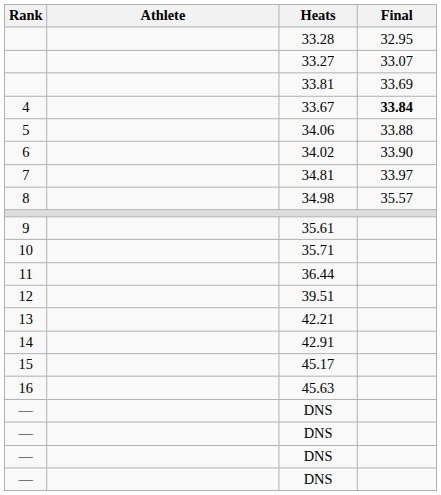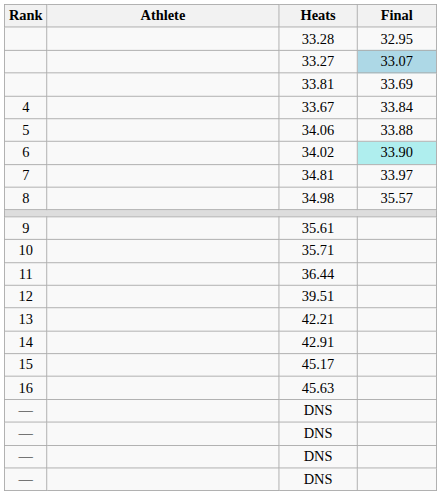 <table class=wikitable style="text-align:center">
 <tr>
 <th width=40>Rank</th>
 <th width=250>Athlete</th>
 <th width=80>Heats</th>
 <th width=80>Final</th>
 </tr>
 <tr>
 <td></td>
 <td align=left></td>
 <td>33.28</td>
 <td>32.95</td>
 </tr>
 <tr>
 <td></td>
 <td align=left></td>
 <td>33.27</td>
-<td>33.07</td>
+<td style="background: lightblue;">33.07</td>
 </tr>
 <tr>
 <td></td>
 <td align=left></td>
 <td>33.81</td>
 <td>33.69</td>
 </tr>
 <tr>
 <td>4</td>
 <td align=left></td>
 <td>33.67</td>
-<td><strong>33.84</strong></td>
+<td>33.84</td>
 </tr>
 <tr>
 <td>5</td>
 <td align=left></td>
 <td>34.06</td>
 <td>33.88</td>
 </tr>
 <tr>
 <td>6</td>
 <td align=left></td>
 <td>34.02</td>
-<td>33.90</td>
+<td style="background: paleturquoise;">33.90</td>
 </tr>
 <tr>
 <td>7</td>
 <td align=left></td>
 <td>34.81</td>
 <td>33.97</td>
 </tr>
 <tr>
 <td>8</td>
 <td align=left></td>
 <td>34.98</td>
 <td>35.57</td>
 </tr>
 <tr bgcolor=#DDDDDD>
 <td colspan=4></td>
 </tr>
 <tr>
 <td>9</td>
 <td align=left></td>
 <td>35.61</td>
 <td></td>
 </tr>
 <tr>
 <td>10</td>
 <td align=left></td>
 <td>35.71</td>
 <td></td>
 </tr>
 <tr>
 <td>11</td>
 <td align=left></td>
 <td>36.44</td>
 <td></td>
 </tr>
 <tr>
 <td>12</td>
 <td align=left></td>
 <td>39.51</td>
 <td></td>
 </tr>
 <tr>
 <td>13</td>
 <td align=left></td>
 <td>42.21</td>
 <td></td>
 </tr>
 <tr>
 <td>14</td>
 <td align=left></td>
 <td>42.91</td>
 <td></td>
 </tr>
 <tr>
 <td>15</td>
 <td align=left></td>
 <td>45.17</td>
 <td></td>
 </tr>
 <tr>
 <td>16</td>
 <td align=left></td>
 <td>45.63</td>
 <td></td>
 </tr>
 <tr>
 <td>—</td>
 <td align=left></td>
 <td>DNS</td>
 <td></td>
 </tr>
 <tr>
 <td>—</td>
 <td align=left></td>
 <td>DNS</td>
 <td></td>
 </tr>
 <tr>
 <td>—</td>
 <td align=left></td>
 <td>DNS</td>
 <td></td>
 </tr>
 <tr>
 <td>—</td>
 <td align=left></td>
 <td>DNS</td>
 <td></td>
 </tr>
 </table>
